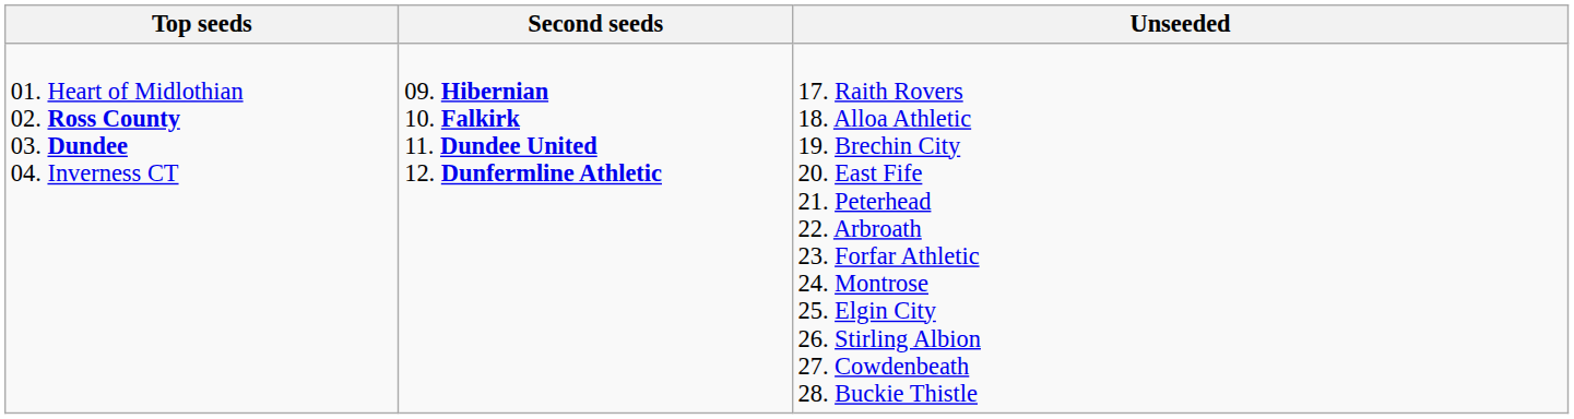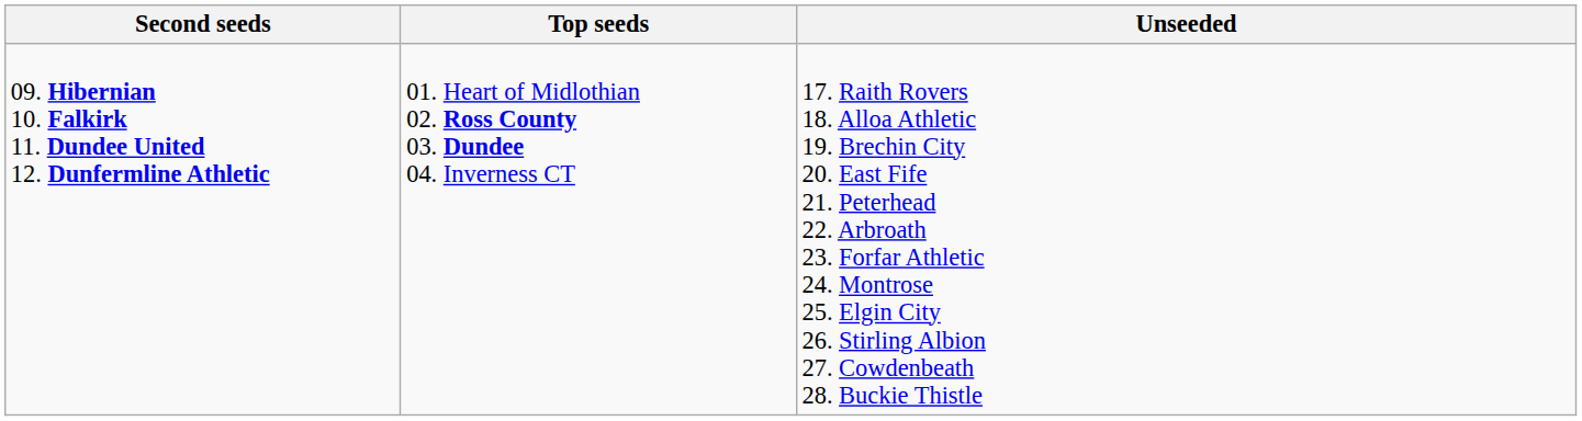 <table class="wikitable">
 <tr>
+<th style="width:250px;">Second seeds</th>
 <th style="width:250px;">Top seeds</th>
-<th style="width:250px;">Second seeds</th>
 <th style="width:500px;">Unseeded</th>
 </tr>
 <tr>
+<td valign=top><br>09. <strong><a href='#'>Hibernian</a></strong><br> 10. <strong><a href='#'>Falkirk</a></strong><br> 11. <strong><a href='#'>Dundee United</a></strong><br> 12. <strong><a href='#'>Dunfermline Athletic</a></strong><br></td>
 <td valign=top><br>01. <a href='#'>Heart of Midlothian</a><br> 02. <strong><a href='#'>Ross County</a></strong><br> 03. <strong><a href='#'>Dundee</a></strong><br> 04. <a href='#'>Inverness CT</a><br></td>
-<td valign=top><br>09. <strong><a href='#'>Hibernian</a></strong><br> 10. <strong><a href='#'>Falkirk</a></strong><br> 11. <strong><a href='#'>Dundee United</a></strong><br> 12. <strong><a href='#'>Dunfermline Athletic</a></strong><br></td>
 <td valign=top><br>  17. <a href='#'>Raith Rovers</a><br> 18. <a href='#'>Alloa Athletic</a><br> 19. <a href='#'>Brechin City</a><br> 20. <a href='#'>East Fife</a><br> 21. <a href='#'>Peterhead</a><br> 22. <a href='#'>Arbroath</a><br>  23. <a href='#'>Forfar Athletic</a><br> 24. <a href='#'>Montrose</a><br> 25. <a href='#'>Elgin City</a><br> 26. <a href='#'>Stirling Albion</a><br> 27. <a href='#'>Cowdenbeath</a><br> 28. <a href='#'>Buckie Thistle</a><br> </td>
 </tr>
 </table>
